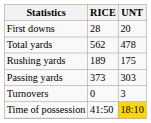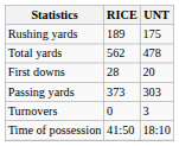 <table class="wikitable">
 <tr>
 <th>Statistics</th>
 <th>RICE</th>
 <th>UNT</th>
 </tr>
 <tr>
-<td>First downs</td>
-<td>28</td>
-<td>20</td>
+<td>Rushing yards</td>
+<td>189</td>
+<td>175</td>
 </tr>
 <tr>
 <td>Total yards</td>
 <td>562</td>
 <td>478</td>
 </tr>
 <tr>
-<td>Rushing yards</td>
-<td>189</td>
-<td>175</td>
+<td>First downs</td>
+<td>28</td>
+<td>20</td>
 </tr>
 <tr>
 <td>Passing yards</td>
 <td>373</td>
 <td>303</td>
 </tr>
 <tr>
 <td>Turnovers</td>
 <td>0</td>
 <td>3</td>
 </tr>
 <tr>
 <td>Time of possession</td>
 <td>41:50</td>
-<td style="background: gold;">18:10</td>
+<td>18:10</td>
 </tr>
 <tr>
 </tr>
 </table>
